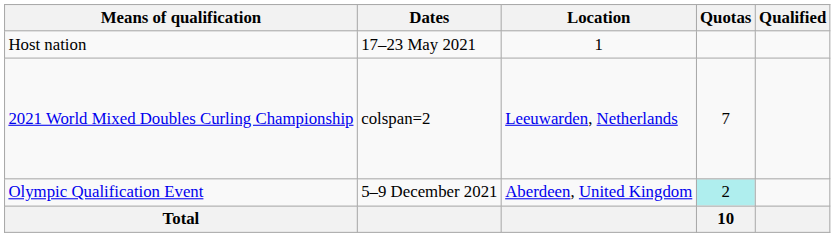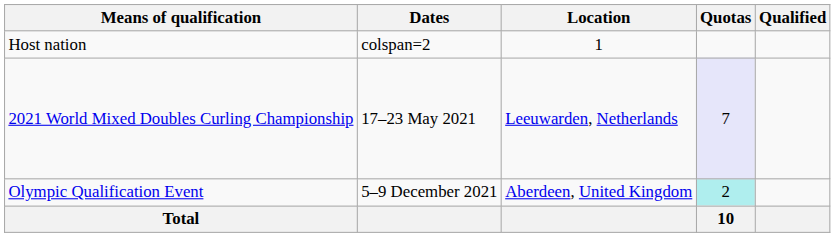 <table class="wikitable">
 <tr>
 <th>Means of qualification</th>
 <th>Dates</th>
 <th>Location</th>
 <th>Quotas</th>
 <th>Qualified</th>
 </tr>
 <tr>
 <td>Host nation</td>
-<td>17–23 May 2021</td>
+<td>colspan=2 </td>
 <td align=center>1</td>
 <td></td>
 </tr>
 <tr>
 <td><a href='#'>2021 World Mixed Doubles Curling Championship</a></td>
-<td>colspan=2 </td>
+<td>17–23 May 2021</td>
 <td> <a href='#'>Leeuwarden</a>, <a href='#'>Netherlands</a></td>
-<td align=center>7</td>
+<td align=center style="background: lavender;">7</td>
 <td><br><br><br><br><br><br></td>
 </tr>
 <tr>
 <td><a href='#'>Olympic Qualification Event</a></td>
 <td>5–9 December 2021</td>
 <td> <a href='#'>Aberdeen</a>, <a href='#'>United Kingdom</a></td>
 <td align=center style="background: paleturquoise;">2</td>
 <td><br></td>
 </tr>
 <tr>
 <th>Total</th>
 <th></th>
 <th></th>
 <th>10</th>
 <th></th>
 </tr>
 </table>
